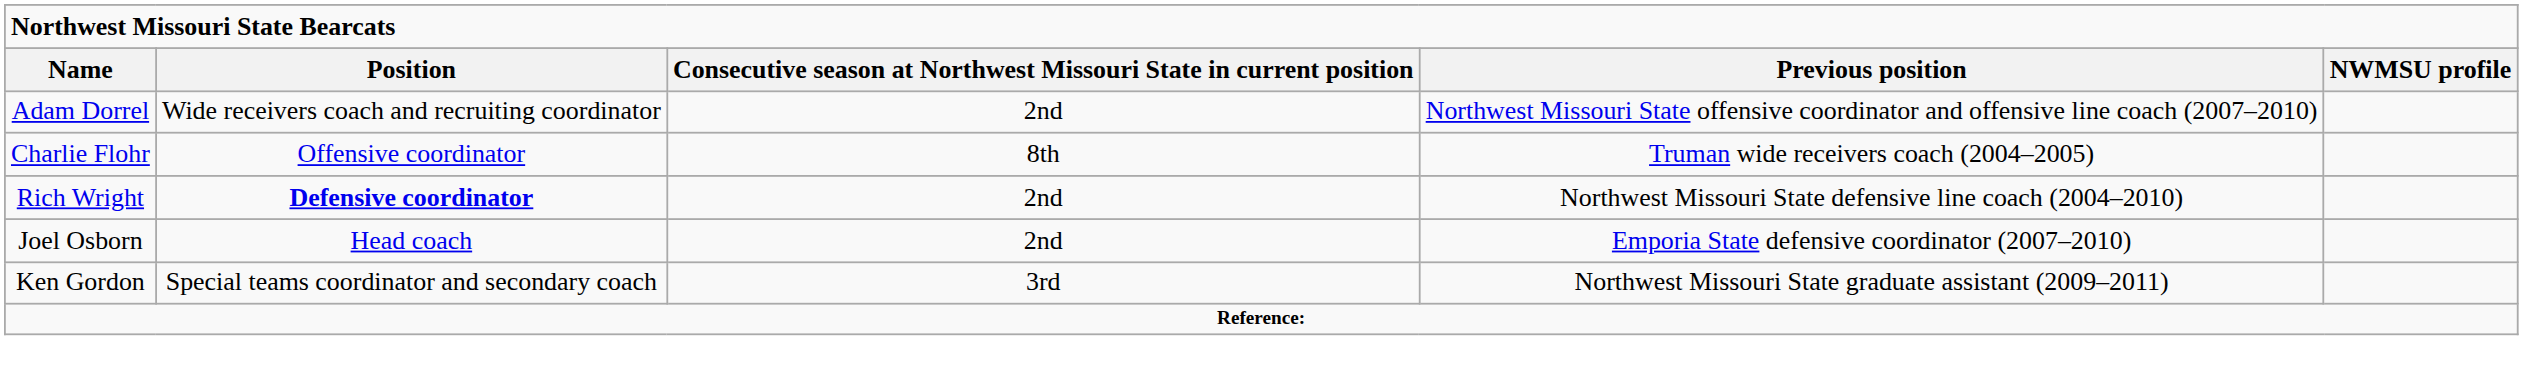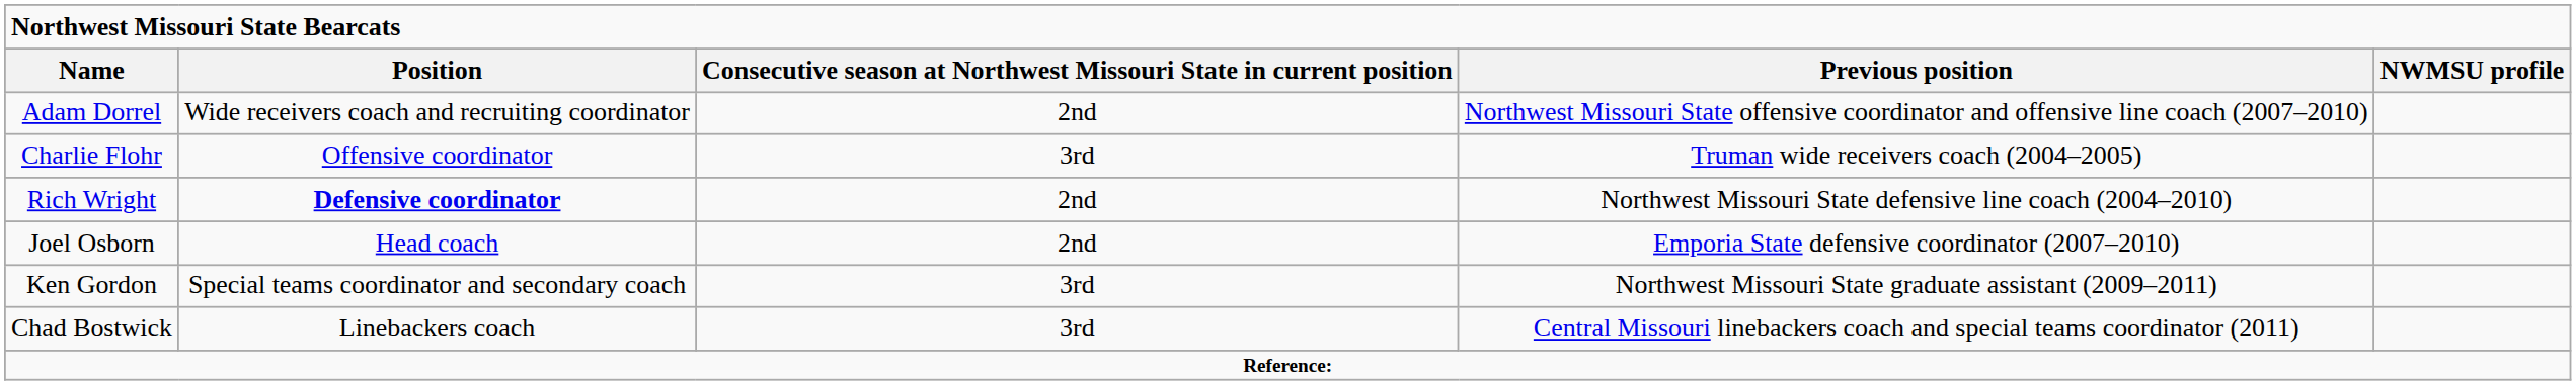 <table class="wikitable" style="font-size:90%;">
 <tr>
 <td colspan=5><strong>Northwest Missouri State Bearcats</strong></td>
 </tr>
 <tr align="center";>
 <th>Name</th>
 <th>Position</th>
 <th>Consecutive season at Northwest Missouri State in current position</th>
 <th>Previous position</th>
 <th>NWMSU profile</th>
 </tr>
 <tr align="center";>
 <td><a href='#'>Adam Dorrel</a></td>
 <td>Wide receivers coach and recruiting coordinator</td>
 <td>2nd</td>
 <td><a href='#'>Northwest Missouri State</a> offensive coordinator and offensive line coach (2007–2010)</td>
 <td></td>
 </tr>
 <tr align="center";>
 <td><a href='#'>Charlie Flohr</a></td>
 <td><a href='#'>Offensive coordinator</a></td>
-<td>8th</td>
+<td>3rd</td>
 <td><a href='#'>Truman</a> wide receivers coach (2004–2005)</td>
 <td></td>
 </tr>
 <tr align="center";>
 <td><a href='#'>Rich Wright</a></td>
 <td><strong><a href='#'>Defensive coordinator</a></strong></td>
 <td>2nd</td>
 <td>Northwest Missouri State defensive line coach (2004–2010)</td>
 <td></td>
 </tr>
 <tr align="center";>
 <td>Joel Osborn</td>
 <td><a href='#'>Head coach</a></td>
 <td>2nd</td>
 <td><a href='#'>Emporia State</a> defensive coordinator (2007–2010)</td>
 <td></td>
 </tr>
 <tr align="center";>
 <td>Ken Gordon</td>
 <td>Special teams coordinator and secondary coach</td>
 <td>3rd</td>
 <td>Northwest Missouri State graduate assistant (2009–2011)</td>
 <td></td>
 </tr>
+<tr align="center";>
+<td>Chad Bostwick</td>
+<td>Linebackers coach</td>
+<td>3rd</td>
+<td><a href='#'>Central Missouri</a> linebackers coach and special teams coordinator (2011)</td>
+<td></td>
+</tr>
 <tr>
 <td colspan="5" style="font-size:8pt; text-align:center;"><strong>Reference:</strong></td>
 </tr>
 </table>
